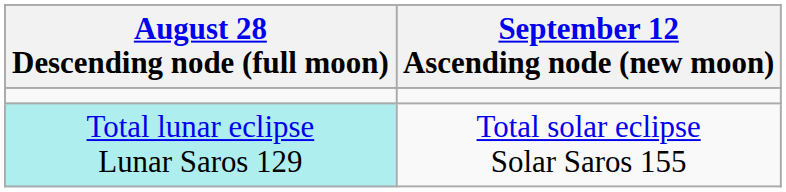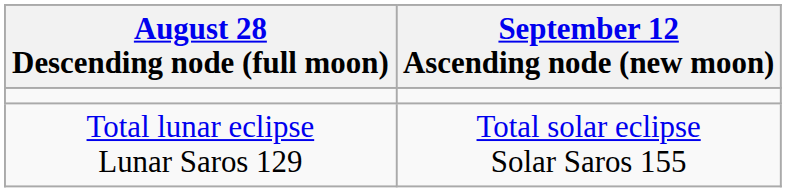 <table class="wikitable">
 <tr>
 <th><a href='#'>August 28</a><br>Descending node (full moon)<br></th>
 <th><a href='#'>September 12</a><br>Ascending node (new moon)<br></th>
 </tr>
 <tr>
 <td></td>
 <td></td>
 </tr>
 <tr align=center>
-<td style="background: paleturquoise;"><a href='#'>Total lunar eclipse</a><br>Lunar Saros 129</td>
+<td><a href='#'>Total lunar eclipse</a><br>Lunar Saros 129</td>
 <td><a href='#'>Total solar eclipse</a><br>Solar Saros 155</td>
 </tr>
 </table>
